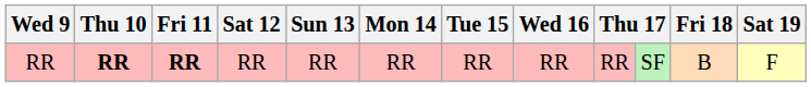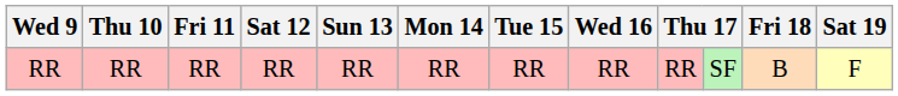 <table class="wikitable" style="margin:0.5em auto; font-size:90%; line-height:1.25em;text-align:center">
 <tr>
 <th>Wed 9</th>
 <th>Thu 10</th>
 <th>Fri 11</th>
 <th>Sat 12</th>
 <th>Sun 13</th>
 <th>Mon 14</th>
 <th>Tue 15</th>
 <th>Wed 16</th>
 <th colspan="2">Thu 17</th>
 <th>Fri 18</th>
 <th>Sat 19</th>
 </tr>
 <tr>
 <td style="background-color:#FFBBBB">RR</td>
-<td style="background-color:#FFBBBB"><strong>RR</strong></td>
-<td style="background-color:#FFBBBB"><strong>RR</strong></td>
+<td style="background-color:#FFBBBB">RR</td>
+<td style="background-color:#FFBBBB">RR</td>
 <td style="background-color:#FFBBBB">RR</td>
 <td style="background-color:#FFBBBB">RR</td>
 <td style="background-color:#FFBBBB">RR</td>
 <td style="background-color:#FFBBBB">RR</td>
 <td style="background-color:#FFBBBB">RR</td>
 <td style="background-color:#FFBBBB">RR</td>
 <td style="background-color:#BBF3BB">SF</td>
 <td style="background-color:#FEDCBA">B</td>
 <td style="background-color:#FFFFBB">F</td>
 </tr>
 </table>
